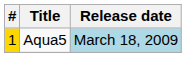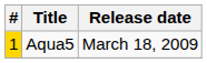 <table class="wikitable" style="text-align:center">
 <tr>
 <th>#</th>
 <th>Title</th>
 <th>Release date</th>
 </tr>
 <tr>
 <td style="background: gold;">1</td>
 <td>Aqua5</td>
-<td style="background: lightblue;">March 18, 2009</td>
+<td>March 18, 2009</td>
 </tr>
 <tr>
 </tr>
 </table>
